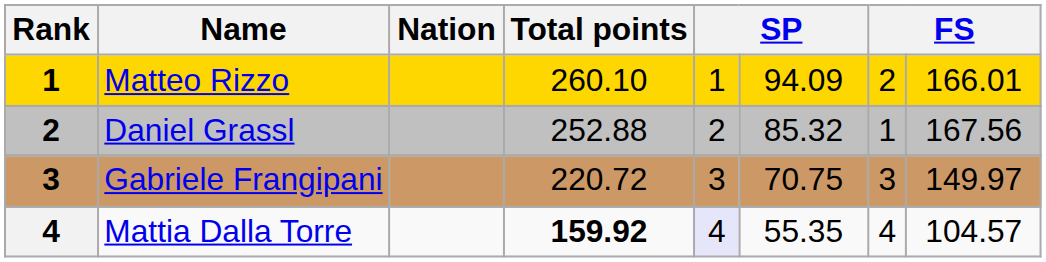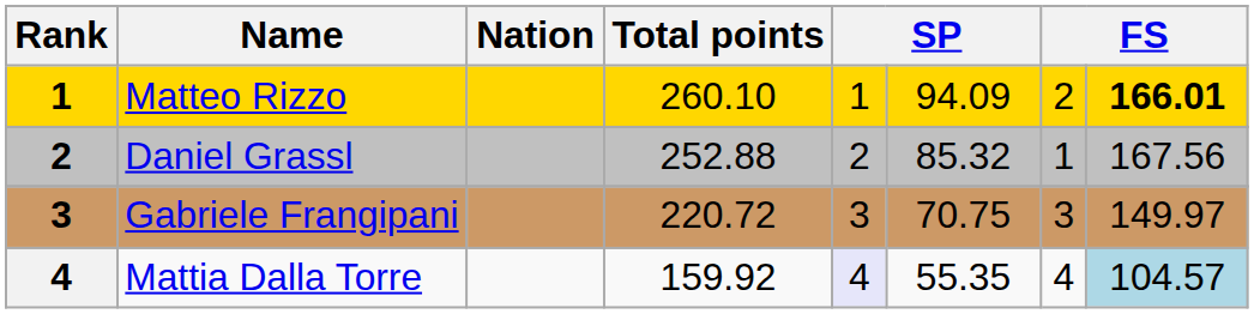 <table class="wikitable sortable">
 <tr>
 <th>Rank</th>
 <th>Name</th>
 <th>Nation</th>
 <th>Total points</th>
 <th colspan="2" width="80px"><a href='#'>SP</a></th>
 <th colspan="2" width="80px"><a href='#'>FS</a></th>
 </tr>
 <tr bgcolor="gold">
 <td align="center"><strong>1</strong></td>
 <td><a href='#'>Matteo Rizzo</a></td>
 <td></td>
 <td align="center">260.10</td>
 <td align="center">1</td>
 <td align="center">94.09</td>
 <td align="center">2</td>
-<td align="center">166.01</td>
+<td align="center"><strong>166.01</strong></td>
 </tr>
 <tr>
 </tr>
 <tr bgcolor="silver">
 <td align="center"><strong>2</strong></td>
 <td><a href='#'>Daniel Grassl</a></td>
 <td></td>
 <td align="center">252.88</td>
 <td align="center">2</td>
 <td align="center">85.32</td>
 <td align="center">1</td>
 <td align="center">167.56</td>
 </tr>
 <tr>
 </tr>
 <tr bgcolor="cc9966">
 <td align="center"><strong>3</strong></td>
 <td><a href='#'>Gabriele Frangipani</a></td>
 <td></td>
 <td align="center">220.72</td>
 <td align="center">3</td>
 <td align="center">70.75</td>
 <td align="center">3</td>
 <td align="center">149.97</td>
 </tr>
 <tr>
 <th>4</th>
 <td><a href='#'>Mattia Dalla Torre</a></td>
 <td></td>
-<td align="center"><strong>159.92</strong></td>
+<td align="center">159.92</td>
 <td align="center" style="background: lavender;">4</td>
 <td align="center">55.35</td>
 <td align="center">4</td>
-<td align="center">104.57</td>
+<td align="center" style="background: lightblue;">104.57</td>
 </tr>
 </table>
